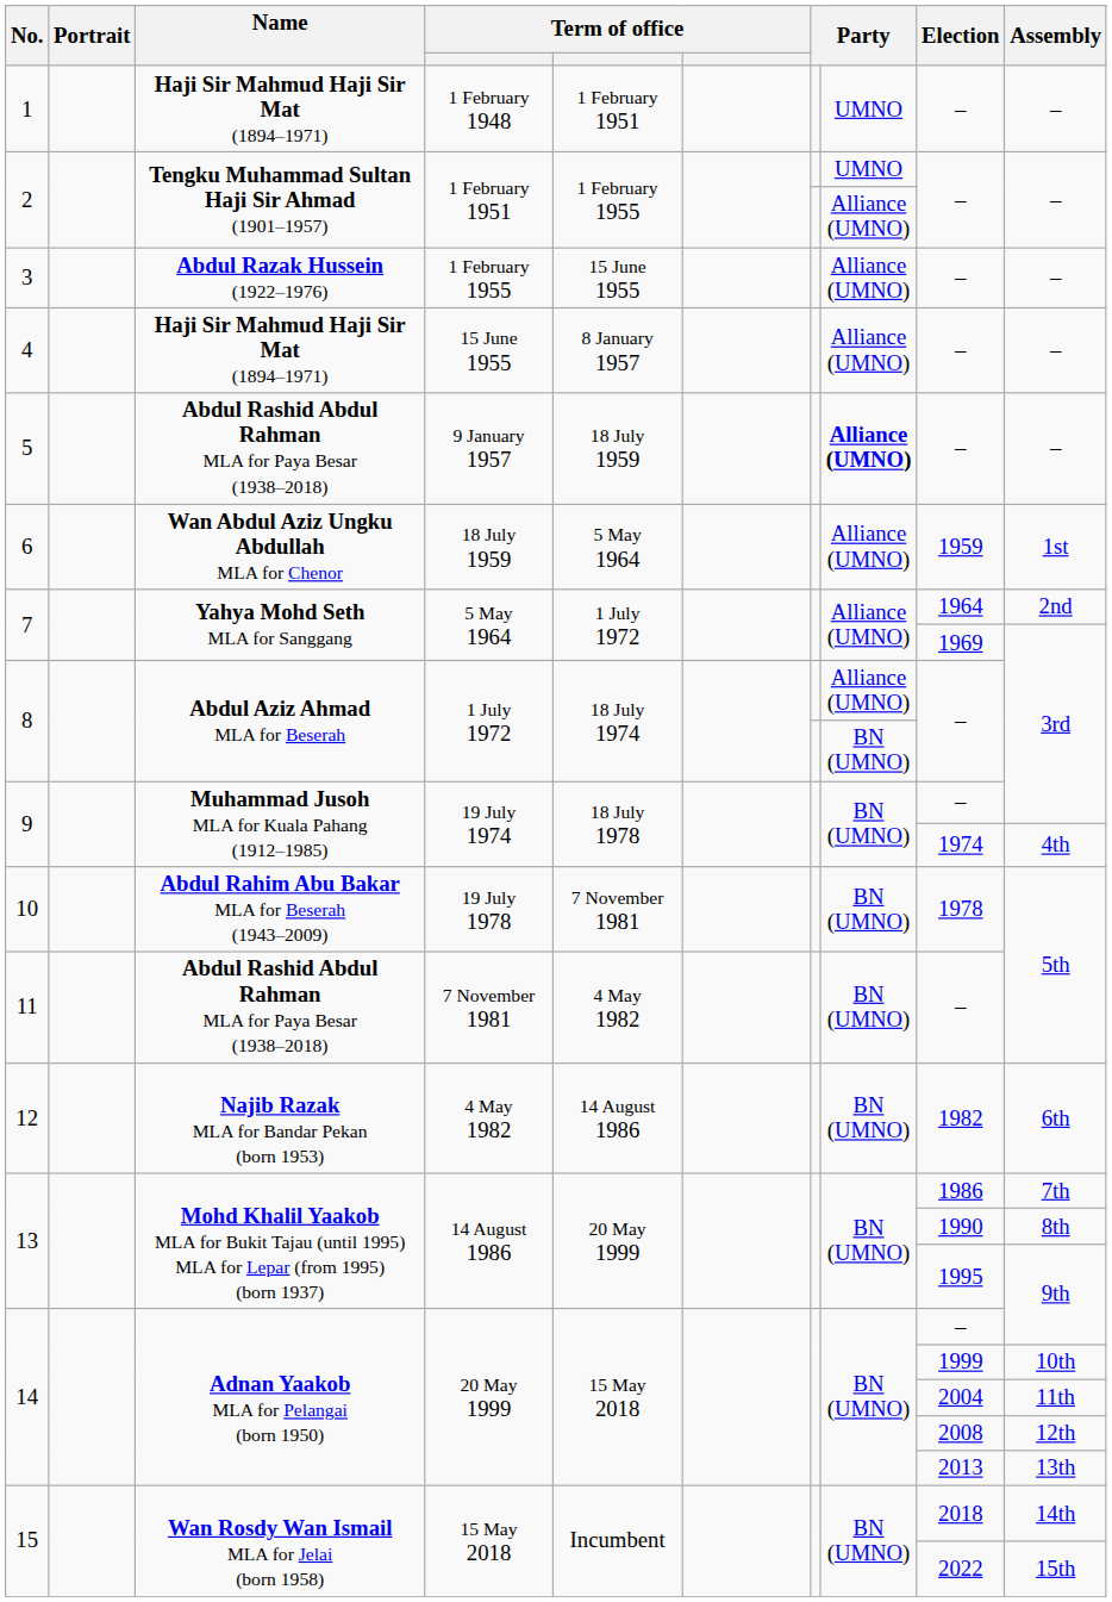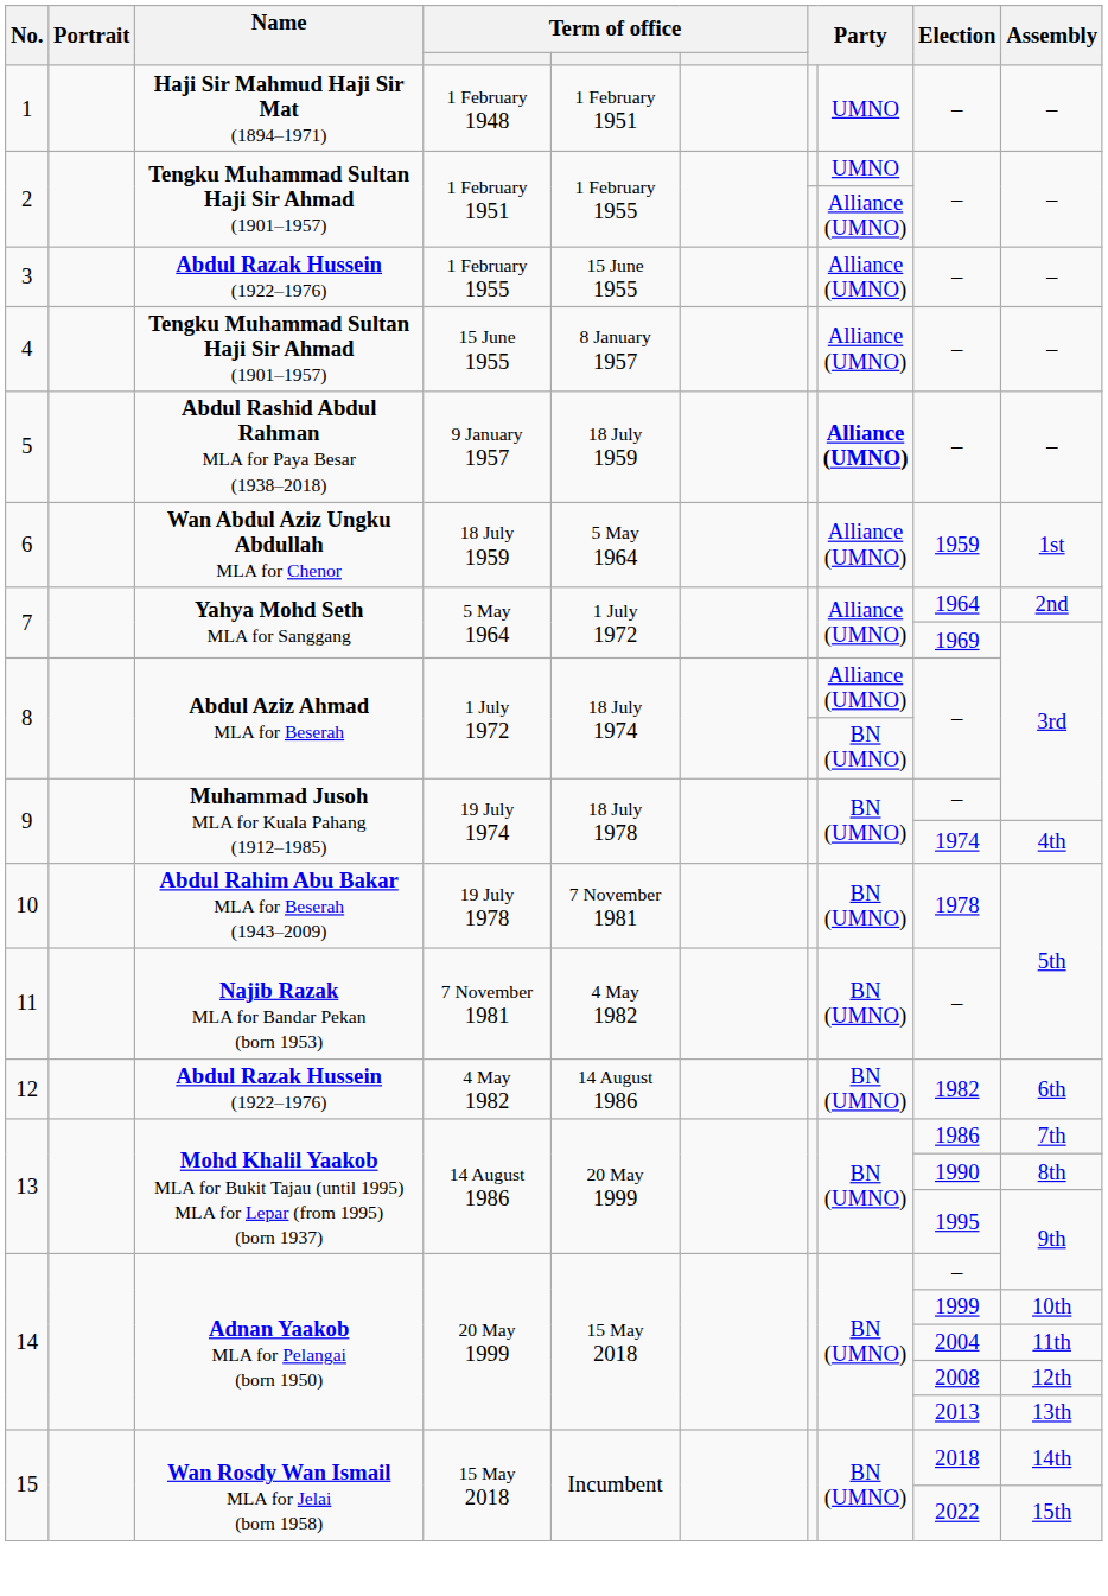 <table class="wikitable" style="text-align:center; border:1px #aaf solid;">
 <tr>
 <th rowspan="2">No.</th>
 <th rowspan="2">Portrait</th>
 <th rowspan="2" width="200">Name<br><br></th>
 <th colspan="3">Term of office</th>
 <th colspan="2" rowspan="2">Party</th>
 <th rowspan="2">Election</th>
 <th rowspan="2">Assembly</th>
 </tr>
 <tr>
 <th width="85"></th>
 <th width="85"></th>
 <th width="85"></th>
 </tr>
 <tr>
 <td>1</td>
 <td></td>
 <td><strong>Haji Sir Mahmud Haji Sir Mat</strong> <br> <small> (1894–1971)</small></td>
 <td><small>1 February</small><br>1948</td>
 <td><small>1 February</small><br>1951</td>
 <td></td>
 <td style="background:"></td>
 <td><a href='#'>UMNO</a></td>
 <td>–</td>
 <td>–</td>
 </tr>
 <tr>
 <td rowspan="2">2</td>
 <td rowspan="2"></td>
 <td rowspan="2"><strong>Tengku Muhammad Sultan Haji Sir Ahmad</strong> <br> <small> (1901–1957)</small></td>
 <td rowspan="2"><small>1 February</small><br>1951</td>
 <td rowspan="2"><small>1 February</small><br>1955</td>
 <td rowspan=2></td>
 <td style="background:"></td>
 <td><a href='#'>UMNO</a></td>
 <td rowspan="2">–</td>
 <td rowspan="2">–</td>
 </tr>
 <tr>
 <td style="background:"></td>
 <td><a href='#'>Alliance</a><br>(<a href='#'>UMNO</a>)</td>
 </tr>
 <tr>
 <td>3</td>
 <td></td>
 <td><strong><a href='#'>Abdul Razak Hussein</a></strong><br><small>(1922–1976)</small></td>
 <td><small>1 February</small><br>1955</td>
 <td><small>15 June</small><br>1955</td>
 <td></td>
 <td style="background:"></td>
 <td><a href='#'>Alliance</a><br>(<a href='#'>UMNO</a>)</td>
 <td>–</td>
 <td>–</td>
 </tr>
 <tr>
 <td>4</td>
 <td></td>
-<td><strong>Haji Sir Mahmud Haji Sir Mat</strong> <br> <small> (1894–1971)</small></td>
+<td><strong>Tengku Muhammad Sultan Haji Sir Ahmad</strong><br><small>(1901–1957)</small></td>
 <td><small>15 June</small><br>1955</td>
 <td><small>8 January</small><br>1957</td>
 <td></td>
 <td style="background:"></td>
 <td><a href='#'>Alliance</a><br>(<a href='#'>UMNO</a>)</td>
 <td>–</td>
 <td>–</td>
 </tr>
 <tr>
 <td>5</td>
 <td></td>
 <td><strong>Abdul Rashid Abdul Rahman</strong><br><small>MLA for Paya Besar</small><br><small>(1938–2018)</small></td>
 <td><small>9 January</small><br>1957</td>
 <td><small>18 July</small><br>1959</td>
 <td></td>
 <td style="background:"></td>
 <td><strong><a href='#'>Alliance</a><br>(<a href='#'>UMNO</a>)</strong></td>
 <td>–</td>
 <td>–</td>
 </tr>
 <tr>
 <td>6</td>
 <td></td>
 <td><strong>Wan Abdul Aziz Ungku Abdullah</strong><br><small>MLA for <a href='#'>Chenor</a></small></td>
 <td><small>18 July</small><br>1959</td>
 <td><small>5 May</small><br>1964</td>
 <td></td>
 <td style="background:"></td>
 <td><a href='#'>Alliance</a><br>(<a href='#'>UMNO</a>)</td>
 <td><a href='#'>1959</a></td>
 <td><a href='#'>1st</a></td>
 </tr>
 <tr>
 <td rowspan="2">7</td>
 <td rowspan="2"></td>
 <td rowspan="2"><strong>Yahya Mohd Seth</strong><br><small>MLA for Sanggang</small></td>
 <td rowspan="2"><small>5 May</small><br>1964</td>
 <td rowspan="2"><small>1 July</small><br>1972</td>
 <td rowspan=2></td>
 <td rowspan="2" style="background:"></td>
 <td rowspan="2"><a href='#'>Alliance</a><br>(<a href='#'>UMNO</a>)</td>
 <td><a href='#'>1964</a></td>
 <td><a href='#'>2nd</a></td>
 </tr>
 <tr>
 <td><a href='#'>1969</a></td>
 <td rowspan="4"><a href='#'>3rd</a></td>
 </tr>
 <tr>
 <td rowspan="2">8</td>
 <td rowspan="2"></td>
 <td rowspan="2"><strong>Abdul Aziz Ahmad</strong><br><small>MLA for <a href='#'>Beserah</a></small></td>
 <td rowspan="2"><small>1 July</small><br>1972</td>
 <td rowspan="2"><small>18 July</small><br>1974</td>
 <td rowspan=2></td>
 <td style="background:"></td>
 <td><a href='#'>Alliance</a><br>(<a href='#'>UMNO</a>)</td>
 <td rowspan="2">–</td>
 </tr>
 <tr>
 <td style="background:"></td>
 <td><a href='#'>BN</a><br>(<a href='#'>UMNO</a>)</td>
 </tr>
 <tr>
 <td rowspan="2">9</td>
 <td rowspan="2"></td>
 <td rowspan="2"><strong>Muhammad Jusoh</strong><br><small>MLA for Kuala Pahang</small><br><small>(1912–1985)</small></td>
 <td rowspan="2"><small>19 July</small><br>1974</td>
 <td rowspan="2"><small>18 July</small><br>1978</td>
 <td rowspan=2></td>
 <td rowspan="2" style="background:"></td>
 <td rowspan="2"><a href='#'>BN</a><br>(<a href='#'>UMNO</a>)</td>
 <td>–</td>
 </tr>
 <tr>
 <td><a href='#'>1974</a></td>
 <td><a href='#'>4th</a></td>
 </tr>
 <tr>
 <td>10</td>
 <td></td>
 <td><strong><a href='#'>Abdul Rahim Abu Bakar</a></strong><br><small>MLA for <a href='#'>Beserah</a></small><br><small>(1943–2009)</small></td>
 <td><small>19 July</small><br>1978</td>
 <td><small>7 November</small><br>1981</td>
 <td></td>
 <td style="background:"></td>
 <td><a href='#'>BN</a><br>(<a href='#'>UMNO</a>)</td>
 <td><a href='#'>1978</a></td>
 <td rowspan="2"><a href='#'>5th</a></td>
 </tr>
 <tr>
 <td>11</td>
 <td></td>
-<td><strong>Abdul Rashid Abdul Rahman</strong><br><small>MLA for Paya Besar</small><br><small>(1938–2018)</small></td>
+<td><br><strong><a href='#'>Najib Razak</a></strong><br><small>MLA for Bandar Pekan</small><br><small>(born 1953)</small></td>
 <td><small>7 November</small><br>1981</td>
 <td><small>4 May</small><br>1982</td>
 <td></td>
 <td style="background:"></td>
 <td><a href='#'>BN</a><br>(<a href='#'>UMNO</a>)</td>
 <td>–</td>
 </tr>
 <tr>
 <td>12</td>
 <td></td>
-<td><br><strong><a href='#'>Najib Razak</a></strong><br><small>MLA for Bandar Pekan</small><br><small>(born 1953)</small></td>
+<td><strong><a href='#'>Abdul Razak Hussein</a></strong><br><small>(1922–1976)</small></td>
 <td><small>4 May</small><br>1982</td>
 <td><small>14 August</small><br>1986</td>
 <td></td>
 <td style="background:"></td>
 <td><a href='#'>BN</a><br>(<a href='#'>UMNO</a>)</td>
 <td><a href='#'>1982</a></td>
 <td><a href='#'>6th</a></td>
 </tr>
 <tr>
 <td rowspan="3">13</td>
 <td rowspan="3"></td>
 <td rowspan="3"><br><strong><a href='#'>Mohd Khalil Yaakob</a></strong><br><small>MLA for Bukit Tajau (until 1995)<br>MLA for <a href='#'>Lepar</a> (from 1995)</small><br><small>(born 1937)</small></td>
 <td rowspan="3"><small>14 August</small><br>1986</td>
 <td rowspan="3"><small>20 May</small><br>1999</td>
 <td rowspan=3></td>
 <td rowspan="3" style="background:"></td>
 <td rowspan="3"><a href='#'>BN</a><br>(<a href='#'>UMNO</a>)</td>
 <td><a href='#'>1986</a></td>
 <td><a href='#'>7th</a></td>
 </tr>
 <tr>
 <td><a href='#'>1990</a></td>
 <td><a href='#'>8th</a></td>
 </tr>
 <tr>
 <td><a href='#'>1995</a></td>
 <td rowspan="2"><a href='#'>9th</a></td>
 </tr>
 <tr>
 <td rowspan="5">14</td>
 <td rowspan="5"></td>
 <td rowspan="5"><br><strong><a href='#'>Adnan Yaakob</a></strong><br><small>MLA for <a href='#'>Pelangai</a></small><br><small>(born 1950)</small></td>
 <td rowspan="5"><small>20 May</small><br>1999</td>
 <td rowspan="5"><small>15 May</small><br>2018</td>
 <td rowspan=5></td>
 <td rowspan="5" style="background:"></td>
 <td rowspan="5"><a href='#'>BN</a><br>(<a href='#'>UMNO</a>)</td>
 <td>–</td>
 </tr>
 <tr>
 <td><a href='#'>1999</a></td>
 <td><a href='#'>10th</a></td>
 </tr>
 <tr>
 <td><a href='#'>2004</a></td>
 <td><a href='#'>11th</a></td>
 </tr>
 <tr>
 <td><a href='#'>2008</a></td>
 <td><a href='#'>12th</a></td>
 </tr>
 <tr>
 <td><a href='#'>2013</a></td>
 <td><a href='#'>13th</a></td>
 </tr>
 <tr>
 <td rowspan="2">15</td>
 <td rowspan="2"></td>
 <td rowspan="2"><br><strong><a href='#'>Wan Rosdy Wan Ismail</a></strong><br><small>MLA for <a href='#'>Jelai</a></small><br><small>(born 1958)</small></td>
 <td rowspan="2"><small>15 May</small><br>2018</td>
 <td rowspan="2">Incumbent</td>
 <td rowspan=2></td>
 <td rowspan="2" style="background:"></td>
 <td rowspan="2"><a href='#'>BN</a><br>(<a href='#'>UMNO</a>)</td>
 <td><a href='#'>2018</a></td>
 <td><a href='#'>14th</a></td>
 </tr>
 <tr>
 <td><a href='#'>2022</a></td>
 <td><a href='#'>15th</a></td>
 </tr>
 </table>
